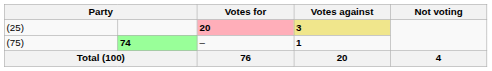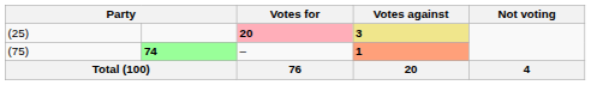 <table class="wikitable" style="width:50%;">
 <tr>
 <th colspan="2">Party</th>
 <th style="width:20%;">Votes for</th>
 <th style="width:20%;">Votes against</th>
 <th style="width:20%;">Not voting</th>
 </tr>
 <tr>
 <td> (25)</td>
 <td></td>
 <td style="background-color:#ffaeb9;"><strong>20</strong></td>
 <td style="background: khaki;"><strong>3</strong></td>
 </tr>
 <tr>
 <td> (75)</td>
 <td style="background-color:#9f9;"><strong>74</strong></td>
 <td>–</td>
-<td><strong>1</strong></td>
+<td style="background: lightsalmon;"><strong>1</strong></td>
 </tr>
 <tr>
 <th colspan="2">Total (100)</th>
 <th>76</th>
 <th>20</th>
 <th>4</th>
 </tr>
 </table>
